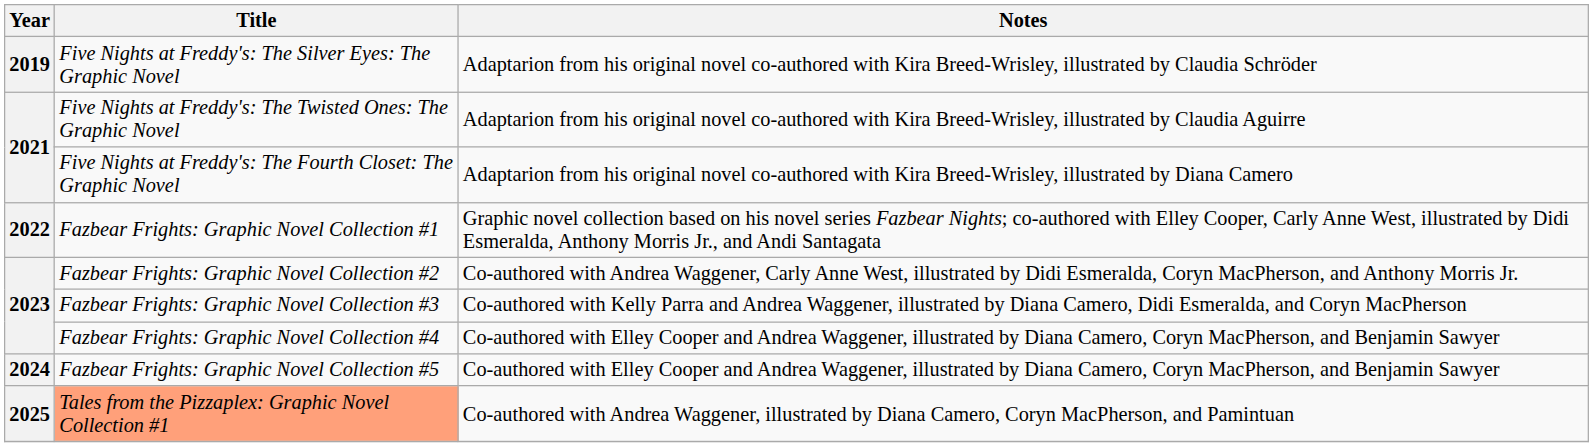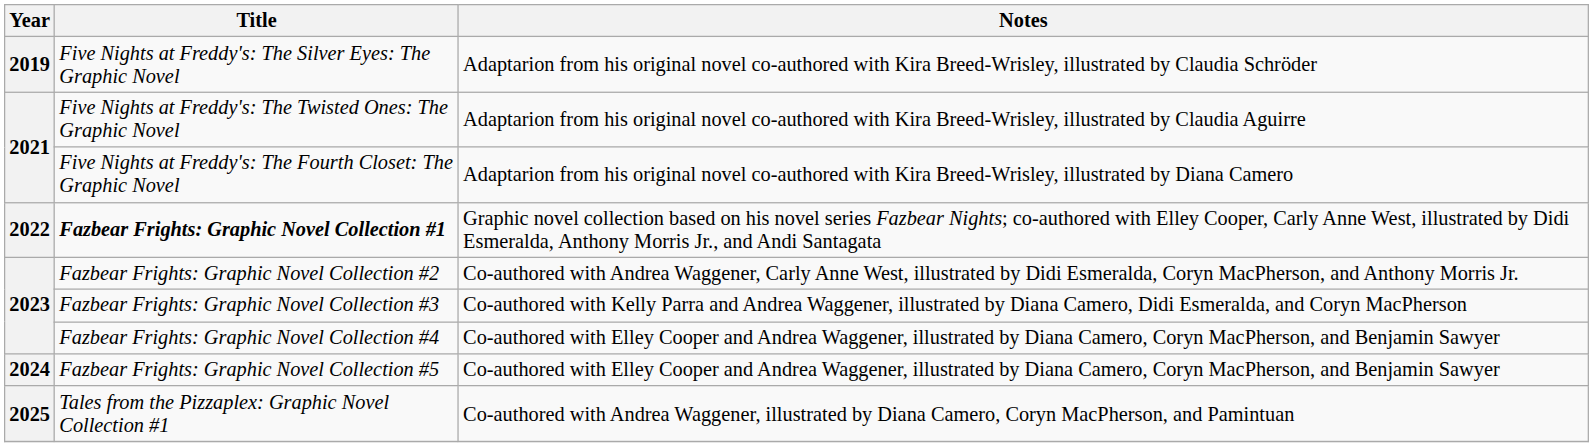 <table class="wikitable sortable">
 <tr>
 <th scope="row">Year</th>
 <th scope="row">Title</th>
 <th scope="row">Notes</th>
 </tr>
 <tr>
 <th scope="row">2019</th>
 <td><em>Five Nights at Freddy's: The Silver Eyes: The Graphic Novel</em></td>
 <td>Adaptarion from his original novel co-authored with Kira Breed-Wrisley, illustrated by Claudia Schröder</td>
 </tr>
 <tr>
 <th rowspan="2" scope="row">2021</th>
 <td><em>Five Nights at Freddy's: The Twisted Ones: The Graphic Novel</em></td>
 <td>Adaptarion from his original novel co-authored with Kira Breed-Wrisley, illustrated by Claudia Aguirre</td>
 </tr>
 <tr>
 <td><em>Five Nights at Freddy's: The Fourth Closet: The Graphic Novel</em></td>
 <td>Adaptarion from his original novel co-authored with Kira Breed-Wrisley, illustrated by Diana Camero</td>
 </tr>
 <tr>
 <th scope="row">2022</th>
-<td><em>Fazbear Frights: Graphic Novel Collection #1</em></td>
+<td><strong><em>Fazbear Frights: Graphic Novel Collection #1</em></strong></td>
 <td>Graphic novel collection based on his novel series <em>Fazbear Nights</em>; co-authored with Elley Cooper, Carly Anne West, illustrated by Didi Esmeralda, Anthony Morris Jr., and Andi Santagata</td>
 </tr>
 <tr>
 <th rowspan="3" scope="row">2023</th>
 <td><em>Fazbear Frights: Graphic Novel Collection #2</em></td>
 <td>Co-authored with Andrea Waggener, Carly Anne West, illustrated by Didi Esmeralda, Coryn MacPherson, and Anthony Morris Jr.</td>
 </tr>
 <tr>
 <td><em>Fazbear Frights: Graphic Novel Collection #3</em></td>
 <td>Co-authored with Kelly Parra and Andrea Waggener, illustrated by Diana Camero, Didi Esmeralda, and Coryn MacPherson</td>
 </tr>
 <tr>
 <td><em>Fazbear Frights: Graphic Novel Collection #4</em></td>
 <td>Co-authored with Elley Cooper and Andrea Waggener, illustrated by Diana Camero, Coryn MacPherson, and Benjamin Sawyer</td>
 </tr>
 <tr>
 <th scope="row">2024</th>
 <td><em>Fazbear Frights: Graphic Novel Collection #5</em></td>
 <td>Co-authored with Elley Cooper and Andrea Waggener, illustrated by Diana Camero, Coryn MacPherson, and Benjamin Sawyer</td>
 </tr>
 <tr>
 <th scope="row">2025</th>
-<td style="background: lightsalmon;"><em>Tales from the Pizzaplex: Graphic Novel Collection #1</em></td>
+<td><em>Tales from the Pizzaplex: Graphic Novel Collection #1</em></td>
 <td>Co-authored with Andrea Waggener, illustrated by Diana Camero, Coryn MacPherson, and Pamintuan</td>
 </tr>
 <tr>
 </tr>
 </table>
